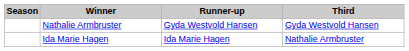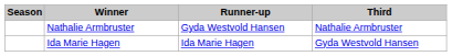 <table class="wikitable plainrowheaders" style="background:#fff; font-size:86%; border:grey solid 1px; border-collapse:collapse;">
 <tr style="background:#ccc; text-align:center;">
 <th scope="col" style="background:#ccc; width:45px;">Season</th>
 <th scope="col" style="background:#ccc; width:180px;">Winner</th>
 <th scope="col" style="background:#ccc; width:180px;">Runner-up</th>
 <th scope="col" style="background:#ccc; width:180px;">Third</th>
 </tr>
 <tr>
 <td></td>
 <td> <a href='#'>Nathalie Armbruster</a></td>
 <td> <a href='#'>Gyda Westvold Hansen</a></td>
-<td> <a href='#'>Gyda Westvold Hansen</a></td>
+<td> <a href='#'>Nathalie Armbruster</a></td>
 </tr>
 <tr>
 <td></td>
 <td> <a href='#'>Ida Marie Hagen</a></td>
 <td> <a href='#'>Ida Marie Hagen</a></td>
-<td> <a href='#'>Nathalie Armbruster</a></td>
+<td> <a href='#'>Gyda Westvold Hansen</a></td>
 </tr>
 </table>
